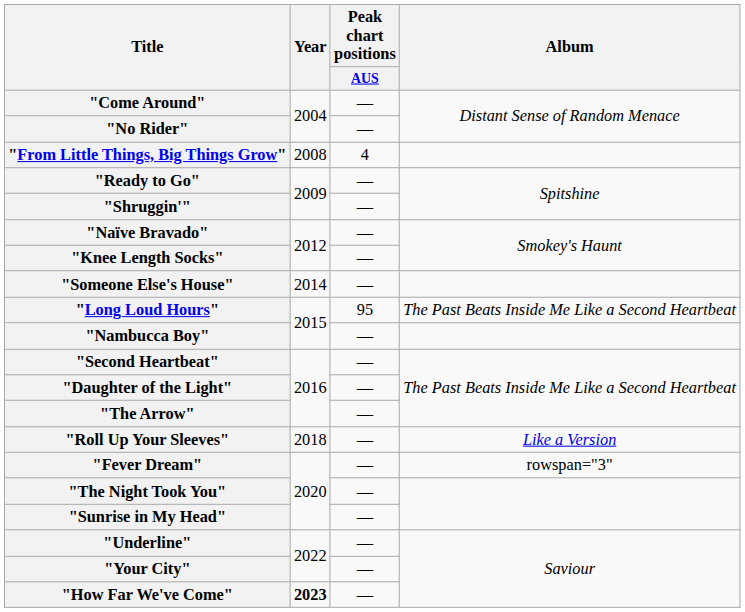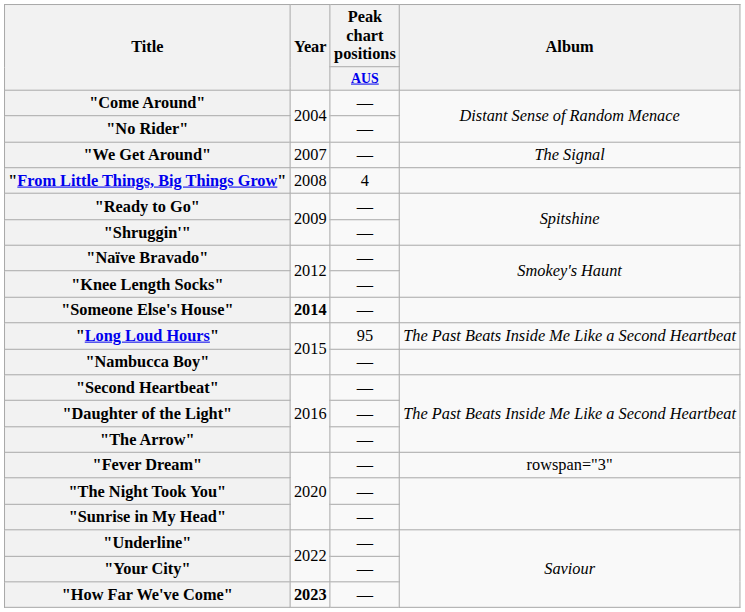 <table class="wikitable plainrowheaders" style=text-align:center;>
 <tr>
 <th scope="col" rowspan="2">Title</th>
 <th scope="col" rowspan="2">Year</th>
 <th scope="col" colspan="1">Peak chart positions</th>
 <th scope="col" rowspan="2">Album</th>
 </tr>
 <tr>
 <th scope="col" style="width:2.5em;font-size:85%;"><a href='#'>AUS</a><br></th>
 </tr>
 <tr>
 <th scope="row">"Come Around"</th>
 <td rowspan="2">2004</td>
 <td>—</td>
 <td rowspan="2"><em>Distant Sense of Random Menace</em></td>
 </tr>
 <tr>
 <th scope="row">"No Rider"</th>
 <td>—</td>
+</tr>
+<tr>
+<th scope="row">"We Get Around"</th>
+<td>2007</td>
+<td>—</td>
+<td><em>The Signal</em></td>
 </tr>
 <tr>
 <th scope="row">"<a href='#'>From Little Things, Big Things Grow</a>"<br></th>
 <td>2008</td>
 <td>4</td>
 <td></td>
 </tr>
 <tr>
 <th scope="row">"Ready to Go"<br></th>
 <td rowspan="2">2009</td>
 <td>—</td>
 <td rowspan="2"><em>Spitshine</em></td>
 </tr>
 <tr>
 <th scope="row">"Shruggin'"<br></th>
 <td>—</td>
 </tr>
 <tr>
 <th scope="row">"Naïve Bravado"<br></th>
 <td rowspan="2">2012</td>
 <td>—</td>
 <td rowspan="2"><em>Smokey's Haunt</em></td>
 </tr>
 <tr>
 <th scope="row">"Knee Length Socks"</th>
 <td>—</td>
 </tr>
 <tr>
 <th scope="row">"Someone Else's House"<br></th>
-<td>2014</td>
+<td><strong>2014</strong></td>
 <td>—</td>
 <td></td>
 </tr>
 <tr>
 <th scope="row">"<a href='#'>Long Loud Hours</a>"<br></th>
 <td rowspan="2">2015</td>
 <td>95</td>
 <td><em>The Past Beats Inside Me Like a Second Heartbeat</em></td>
 </tr>
 <tr>
 <th scope="row">"Nambucca Boy"</th>
 <td>—</td>
 <td></td>
 </tr>
 <tr>
 <th scope="row">"Second Heartbeat"<br></th>
 <td rowspan="3">2016</td>
 <td>—</td>
 <td rowspan="3"><em>The Past Beats Inside Me Like a Second Heartbeat</em></td>
 </tr>
 <tr>
 <th scope="row">"Daughter of the Light"<br></th>
 <td>—</td>
 </tr>
 <tr>
 <th scope="row">"The Arrow"<br></th>
 <td>—</td>
-</tr>
-<tr>
-<th scope="row">"Roll Up Your Sleeves"<br></th>
-<td>2018</td>
-<td>—</td>
-<td><em><a href='#'>Like a Version</a></em></td>
 </tr>
 <tr>
 <th scope="row">"Fever Dream"</th>
 <td rowspan="3">2020</td>
 <td>—</td>
 <td>rowspan="3" </td>
 </tr>
 <tr>
 <th scope="row">"The Night Took You"</th>
 <td>—</td>
 </tr>
 <tr>
 <th scope="row">"Sunrise in My Head"<br></th>
 <td>—</td>
 </tr>
 <tr>
 <th scope="row">"Underline"</th>
 <td rowspan="2">2022</td>
 <td>—</td>
 <td rowspan="3"><em>Saviour</em></td>
 </tr>
 <tr>
 <th scope="row">"Your City"<br></th>
 <td>—</td>
 </tr>
 <tr>
 <th scope="row">"How Far We've Come"</th>
 <td><strong>2023</strong></td>
 <td>—</td>
 </tr>
 </table>
